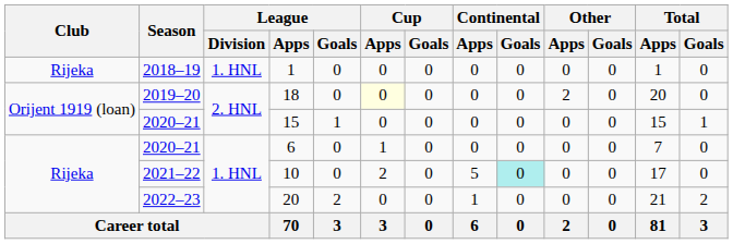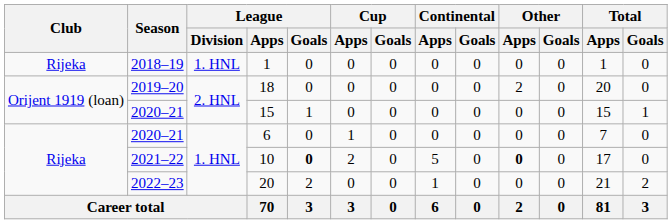 <table class="wikitable" style="text-align: center">
 <tr>
 <th rowspan="2">Club</th>
 <th rowspan="2">Season</th>
 <th colspan="3">League</th>
 <th colspan="2">Cup</th>
 <th colspan="2">Continental</th>
 <th colspan="2">Other</th>
 <th colspan="2">Total</th>
 </tr>
 <tr>
 <th>Division</th>
 <th>Apps</th>
 <th>Goals</th>
 <th>Apps</th>
 <th>Goals</th>
 <th>Apps</th>
 <th>Goals</th>
 <th>Apps</th>
 <th>Goals</th>
 <th>Apps</th>
 <th>Goals</th>
 </tr>
 <tr>
 <td rowspan="1"><a href='#'>Rijeka</a></td>
 <td><a href='#'>2018–19</a></td>
 <td rowspan="1"><a href='#'>1. HNL</a></td>
 <td>1</td>
 <td>0</td>
 <td>0</td>
 <td>0</td>
 <td>0</td>
 <td>0</td>
 <td>0</td>
 <td>0</td>
 <td>1</td>
 <td>0</td>
 </tr>
 <tr>
 <td rowspan="2"><a href='#'>Orijent 1919</a> (loan)</td>
 <td><a href='#'>2019–20</a></td>
 <td rowspan="2"><a href='#'>2. HNL</a></td>
 <td>18</td>
 <td>0</td>
-<td style="background: lightyellow;">0</td>
+<td>0</td>
 <td>0</td>
 <td>0</td>
 <td>0</td>
 <td>2</td>
 <td>0</td>
 <td>20</td>
 <td>0</td>
 </tr>
 <tr>
 <td><a href='#'>2020–21</a></td>
 <td>15</td>
 <td>1</td>
 <td>0</td>
 <td>0</td>
 <td>0</td>
 <td>0</td>
 <td>0</td>
 <td>0</td>
 <td>15</td>
 <td>1</td>
 </tr>
 <tr>
 <td rowspan="3"><a href='#'>Rijeka</a></td>
 <td><a href='#'>2020–21</a></td>
 <td rowspan="3"><a href='#'>1. HNL</a></td>
 <td>6</td>
 <td>0</td>
 <td>1</td>
 <td>0</td>
 <td>0</td>
 <td>0</td>
 <td>0</td>
 <td>0</td>
 <td>7</td>
 <td>0</td>
 </tr>
 <tr>
 <td><a href='#'>2021–22</a></td>
 <td>10</td>
-<td>0</td>
+<td><strong>0</strong></td>
 <td>2</td>
 <td>0</td>
 <td>5</td>
-<td style="background: paleturquoise;">0</td>
 <td>0</td>
+<td><strong>0</strong></td>
 <td>0</td>
 <td>17</td>
 <td>0</td>
 </tr>
 <tr>
 <td><a href='#'>2022–23</a></td>
 <td>20</td>
 <td>2</td>
 <td>0</td>
 <td>0</td>
 <td>1</td>
 <td>0</td>
 <td>0</td>
 <td>0</td>
 <td>21</td>
 <td>2</td>
 </tr>
 <tr>
 <th colspan=3>Career total</th>
 <th>70</th>
 <th>3</th>
 <th>3</th>
 <th>0</th>
 <th>6</th>
 <th>0</th>
 <th>2</th>
 <th>0</th>
 <th>81</th>
 <th>3</th>
 </tr>
 </table>
